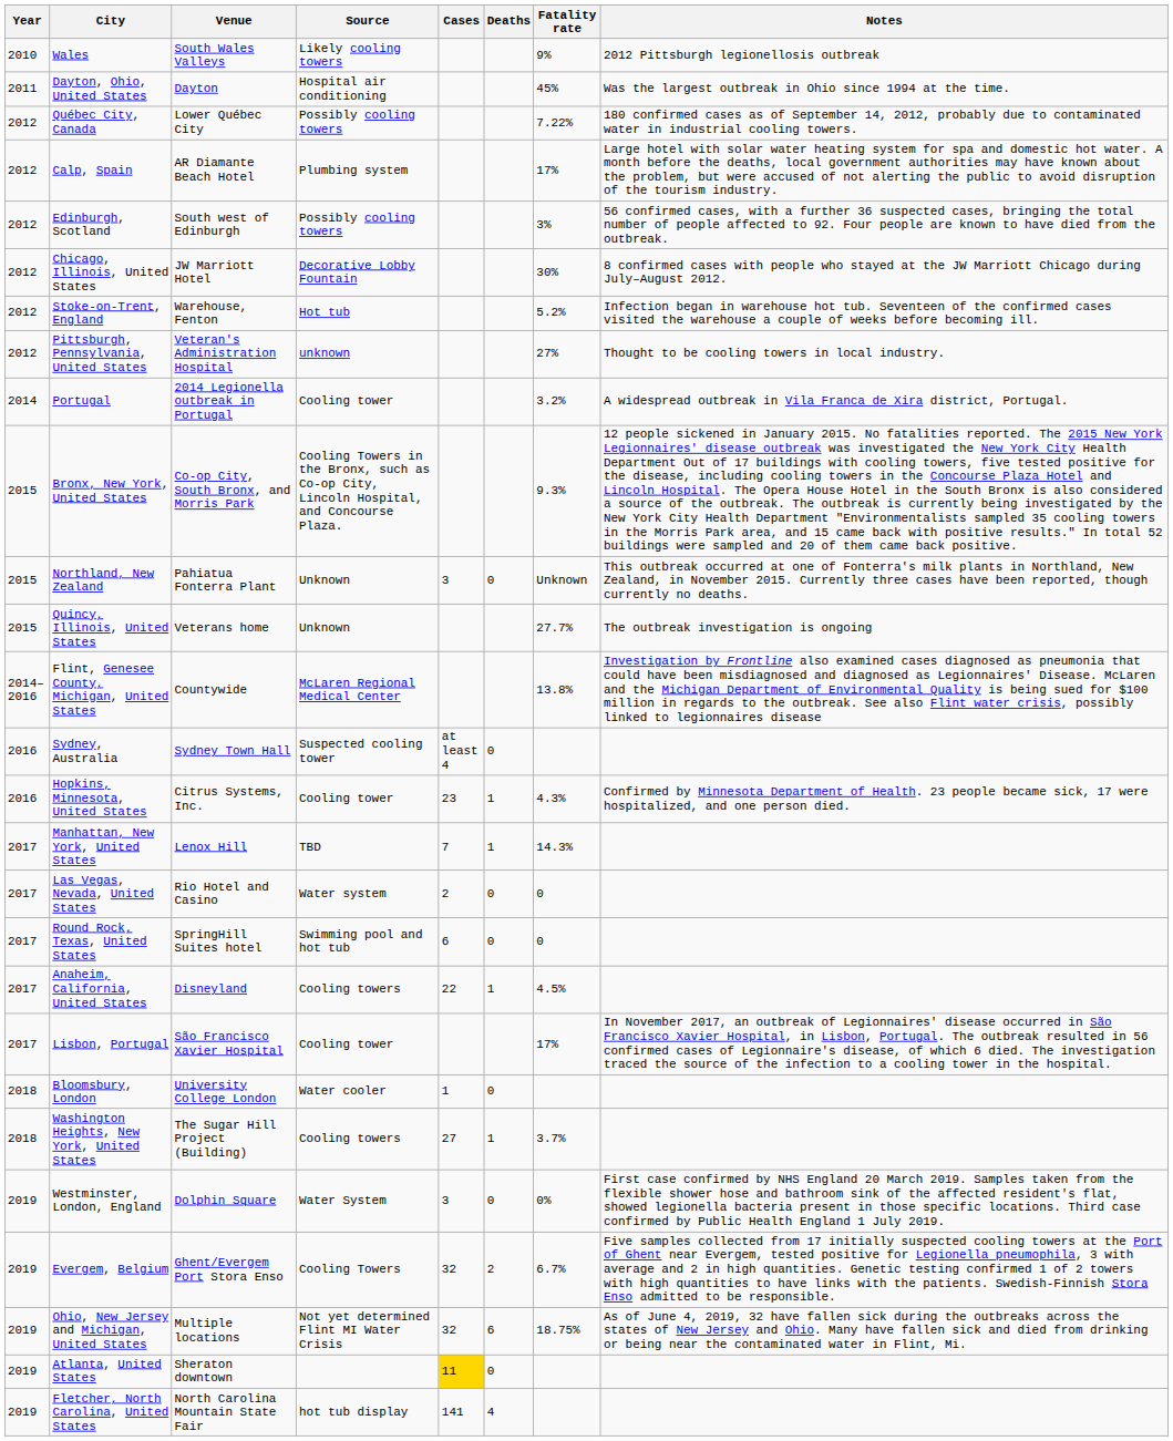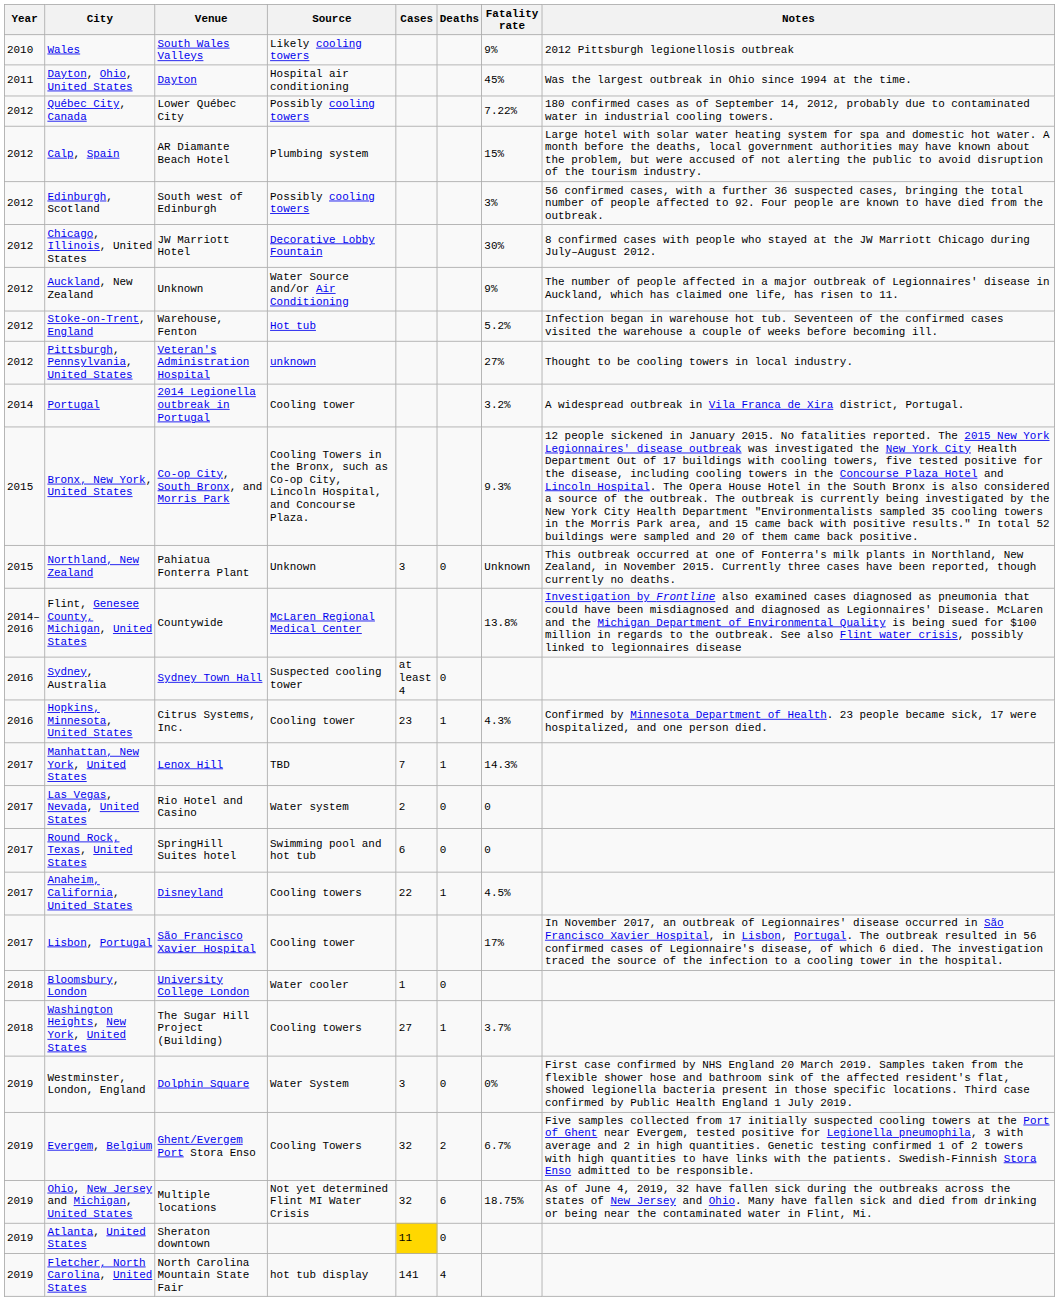 <table class="wikitable sortable">
 <tr>
 <th>Year</th>
 <th>City</th>
 <th>Venue</th>
 <th>Source</th>
 <th>Cases</th>
 <th>Deaths</th>
 <th>Fatality rate</th>
 <th>Notes</th>
 </tr>
 <tr>
 <td>2010</td>
 <td><a href='#'>Wales</a></td>
 <td><a href='#'>South Wales Valleys</a></td>
 <td>Likely <a href='#'>cooling towers</a></td>
 <td></td>
 <td></td>
 <td>9%</td>
 <td>2012 Pittsburgh legionellosis outbreak</td>
 </tr>
 <tr>
 <td>2011</td>
 <td><a href='#'>Dayton</a>, <a href='#'>Ohio</a>, <a href='#'>United States</a></td>
 <td><a href='#'>Dayton</a></td>
 <td>Hospital air conditioning</td>
 <td></td>
 <td></td>
 <td>45%</td>
 <td>Was the largest outbreak in Ohio since 1994 at the time.</td>
 </tr>
 <tr>
 <td>2012</td>
 <td><a href='#'>Québec City</a>, <a href='#'>Canada</a></td>
 <td>Lower Québec City</td>
 <td>Possibly <a href='#'>cooling towers</a></td>
 <td></td>
 <td></td>
 <td>7.22%</td>
 <td>180 confirmed cases as of September 14, 2012, probably due to contaminated water in industrial cooling towers.</td>
 </tr>
 <tr>
 <td>2012</td>
 <td><a href='#'>Calp</a>, <a href='#'>Spain</a></td>
 <td>AR Diamante Beach Hotel</td>
 <td>Plumbing system</td>
 <td></td>
 <td></td>
-<td>17%</td>
+<td>15%</td>
 <td>Large hotel with solar water heating system for spa and domestic hot water. A month before the deaths, local government authorities may have known about the problem, but were accused of not alerting the public to avoid disruption of the tourism industry.</td>
 </tr>
 <tr>
 <td>2012</td>
 <td><a href='#'>Edinburgh</a>, Scotland</td>
 <td>South west of Edinburgh</td>
 <td>Possibly <a href='#'>cooling towers</a></td>
 <td></td>
 <td></td>
 <td>3%</td>
 <td>56 confirmed cases, with a further 36 suspected cases, bringing the total number of people affected to 92. Four people are known to have died from the outbreak.</td>
 </tr>
 <tr>
 <td>2012</td>
 <td><a href='#'>Chicago</a>, <a href='#'>Illinois</a>, United States</td>
 <td>JW Marriott Hotel</td>
 <td><a href='#'>Decorative Lobby Fountain</a></td>
 <td></td>
 <td></td>
 <td>30%</td>
 <td>8 confirmed cases with people who stayed at the JW Marriott Chicago during July–August 2012.</td>
+</tr>
+<tr>
+<td>2012</td>
+<td><a href='#'>Auckland</a>, New Zealand</td>
+<td>Unknown</td>
+<td>Water Source and/or <a href='#'>Air Conditioning</a></td>
+<td></td>
+<td></td>
+<td>9%</td>
+<td>The number of people affected in a major outbreak of Legionnaires' disease in Auckland, which has claimed one life, has risen to 11.</td>
 </tr>
 <tr>
 <td>2012</td>
 <td><a href='#'>Stoke-on-Trent</a>, <a href='#'>England</a></td>
 <td>Warehouse, Fenton</td>
 <td><a href='#'>Hot tub</a></td>
 <td></td>
 <td></td>
 <td>5.2%</td>
 <td>Infection began in warehouse hot tub. Seventeen of the confirmed cases visited the warehouse a couple of weeks before becoming ill.</td>
 </tr>
 <tr>
 <td>2012</td>
 <td><a href='#'>Pittsburgh</a>, <a href='#'>Pennsylvania</a>, <a href='#'>United States</a></td>
 <td><a href='#'>Veteran's Administration Hospital</a></td>
 <td><a href='#'>unknown</a></td>
 <td></td>
 <td></td>
 <td>27%</td>
 <td>Thought to be cooling towers in local industry.</td>
 </tr>
 <tr>
 <td>2014</td>
 <td><a href='#'>Portugal</a></td>
 <td><a href='#'>2014 Legionella outbreak in Portugal</a></td>
 <td>Cooling tower</td>
 <td></td>
 <td></td>
 <td>3.2%</td>
 <td>A widespread outbreak in <a href='#'>Vila Franca de Xira</a> district, Portugal.</td>
 </tr>
 <tr>
 <td>2015</td>
 <td><a href='#'>Bronx, New York</a>, <a href='#'>United States</a></td>
 <td><a href='#'>Co-op City</a>, <a href='#'>South Bronx</a>, and <a href='#'>Morris Park</a></td>
 <td>Cooling Towers in the Bronx, such as Co-op City, Lincoln Hospital, and Concourse Plaza.</td>
 <td></td>
 <td></td>
 <td>9.3%</td>
 <td>12 people sickened in January 2015. No fatalities reported. The <a href='#'>2015 New York Legionnaires' disease outbreak</a> was investigated the <a href='#'>New York City</a> Health Department Out of 17 buildings with cooling towers, five tested positive for the disease, including cooling towers in the <a href='#'>Concourse Plaza Hotel</a> and <a href='#'>Lincoln Hospital</a>. The Opera House Hotel in the South Bronx is also considered a source of the outbreak. The outbreak is currently being investigated by the New York City Health Department "Environmentalists sampled 35 cooling towers in the Morris Park area, and 15 came back with positive results." In total 52 buildings were sampled and 20 of them came back positive.</td>
 </tr>
 <tr>
 <td>2015</td>
 <td><a href='#'>Northland, New Zealand</a></td>
 <td>Pahiatua Fonterra Plant</td>
 <td>Unknown</td>
 <td>3</td>
 <td>0</td>
 <td>Unknown</td>
 <td>This outbreak occurred at one of Fonterra's milk plants in Northland, New Zealand, in November 2015. Currently three cases have been reported, though currently no deaths.</td>
-</tr>
-<tr>
-<td>2015</td>
-<td><a href='#'>Quincy, Illinois</a>, <a href='#'>United States</a></td>
-<td>Veterans home</td>
-<td>Unknown</td>
-<td></td>
-<td></td>
-<td>27.7%</td>
-<td>The outbreak investigation is ongoing</td>
 </tr>
 <tr>
 <td>2014–2016</td>
 <td>Flint, <a href='#'>Genesee County, Michigan</a>, <a href='#'>United States</a></td>
 <td>Countywide</td>
 <td><a href='#'>McLaren Regional Medical Center</a></td>
 <td></td>
 <td></td>
 <td>13.8%</td>
 <td><a href='#'>Investigation by <em>Frontline</em></a> also examined cases diagnosed as pneumonia that could have been misdiagnosed and diagnosed as Legionnaires' Disease. McLaren and the <a href='#'>Michigan Department of Environmental Quality</a> is being sued for $100 million in regards to the outbreak.  See also <a href='#'>Flint water crisis</a>, possibly linked to legionnaires disease</td>
 </tr>
 <tr>
 <td>2016</td>
 <td><a href='#'>Sydney</a>, Australia</td>
 <td><a href='#'>Sydney Town Hall</a></td>
 <td>Suspected cooling tower</td>
 <td>at least 4</td>
 <td>0</td>
 <td></td>
 <td></td>
 </tr>
 <tr>
 <td>2016</td>
 <td><a href='#'>Hopkins, Minnesota</a>, <a href='#'>United States</a></td>
 <td>Citrus Systems, Inc.</td>
 <td>Cooling tower</td>
 <td>23</td>
 <td>1</td>
 <td>4.3%</td>
 <td>Confirmed by <a href='#'>Minnesota Department of Health</a>. 23 people became sick, 17 were hospitalized, and one person died.</td>
 </tr>
 <tr>
 <td>2017</td>
 <td><a href='#'>Manhattan, New York</a>, <a href='#'>United States</a></td>
 <td><a href='#'>Lenox Hill</a></td>
 <td>TBD</td>
 <td>7</td>
 <td>1</td>
 <td>14.3%</td>
 <td></td>
 </tr>
 <tr>
 <td>2017</td>
 <td><a href='#'>Las Vegas</a>, <a href='#'>Nevada</a>, <a href='#'>United States</a></td>
 <td>Rio Hotel and Casino</td>
 <td>Water system</td>
 <td>2</td>
 <td>0</td>
 <td>0</td>
 <td></td>
 </tr>
 <tr>
 <td>2017</td>
 <td><a href='#'>Round Rock, Texas</a>, <a href='#'>United States</a></td>
 <td>SpringHill Suites hotel</td>
 <td>Swimming pool and hot tub</td>
 <td>6</td>
 <td>0</td>
 <td>0</td>
 <td></td>
 </tr>
 <tr>
 <td>2017</td>
 <td><a href='#'>Anaheim, California</a>, <a href='#'>United States</a></td>
 <td><a href='#'>Disneyland</a></td>
 <td>Cooling towers</td>
 <td>22</td>
 <td>1</td>
 <td>4.5%</td>
 <td></td>
 </tr>
 <tr>
 <td>2017</td>
 <td><a href='#'>Lisbon</a>, <a href='#'>Portugal</a></td>
 <td><a href='#'>São Francisco Xavier Hospital</a></td>
 <td>Cooling tower</td>
 <td></td>
 <td></td>
 <td>17%</td>
 <td>In November 2017, an outbreak of Legionnaires' disease occurred in <a href='#'>São Francisco Xavier Hospital</a>, in <a href='#'>Lisbon</a>, <a href='#'>Portugal</a>. The outbreak resulted in 56 confirmed cases of Legionnaire's disease, of which 6 died. The investigation traced the source of the infection to a cooling tower in the hospital.</td>
 </tr>
 <tr>
 <td>2018</td>
 <td><a href='#'>Bloomsbury</a>, <a href='#'>London</a></td>
 <td><a href='#'>University College London</a></td>
 <td>Water cooler</td>
 <td>1</td>
 <td>0</td>
 <td></td>
 <td></td>
 </tr>
 <tr>
 <td>2018</td>
 <td><a href='#'>Washington Heights</a>, <a href='#'>New York</a>, <a href='#'>United States</a></td>
 <td>The Sugar Hill Project (Building)</td>
 <td>Cooling towers</td>
 <td>27</td>
 <td>1</td>
 <td>3.7%</td>
 <td></td>
 </tr>
 <tr>
 <td>2019</td>
 <td>Westminster, London, England</td>
 <td><a href='#'>Dolphin Square</a></td>
 <td>Water System</td>
 <td>3</td>
 <td>0</td>
 <td>0%</td>
 <td>First case confirmed by NHS England 20 March 2019. Samples taken from the flexible shower hose and bathroom sink of the affected resident's flat, showed legionella bacteria present in those specific locations. Third case confirmed by Public Health England 1 July 2019.</td>
 </tr>
 <tr>
 <td>2019</td>
 <td><a href='#'>Evergem</a>, <a href='#'>Belgium</a></td>
 <td><a href='#'>Ghent/Evergem Port</a> Stora Enso</td>
 <td>Cooling Towers</td>
 <td>32</td>
 <td>2</td>
 <td>6.7%</td>
 <td>Five samples collected from 17 initially suspected cooling towers at the <a href='#'>Port of Ghent</a> near Evergem, tested positive for <a href='#'>Legionella pneumophila</a>, 3 with average and 2 in high quantities. Genetic testing confirmed 1 of 2 towers with high quantities to have links with the patients. Swedish-Finnish <a href='#'>Stora Enso</a> admitted to be responsible.</td>
 </tr>
 <tr>
 <td>2019</td>
 <td><a href='#'>Ohio</a>, <a href='#'>New Jersey</a> and <a href='#'>Michigan</a>, <a href='#'>United States</a></td>
 <td>Multiple locations</td>
 <td>Not yet determined Flint MI Water Crisis</td>
 <td>32</td>
 <td>6</td>
 <td>18.75%</td>
 <td>As of June 4, 2019, 32 have fallen sick during the outbreaks across the states of <a href='#'>New Jersey</a> and <a href='#'>Ohio</a>. Many have fallen sick and died from drinking or being near the contaminated water in Flint, Mi.</td>
 </tr>
 <tr>
 <td>2019</td>
 <td><a href='#'>Atlanta</a>, <a href='#'>United States</a></td>
 <td>Sheraton downtown</td>
 <td></td>
 <td style="background: gold;">11</td>
 <td>0</td>
 <td></td>
 <td></td>
 </tr>
 <tr>
 <td>2019</td>
 <td><a href='#'>Fletcher, North Carolina</a>, <a href='#'>United States</a></td>
 <td>North Carolina Mountain State Fair</td>
 <td>hot tub display</td>
 <td>141</td>
 <td>4</td>
 <td></td>
 <td><br><em></em> <em></em> <em></em> <em></em></td>
 </tr>
 </table>
